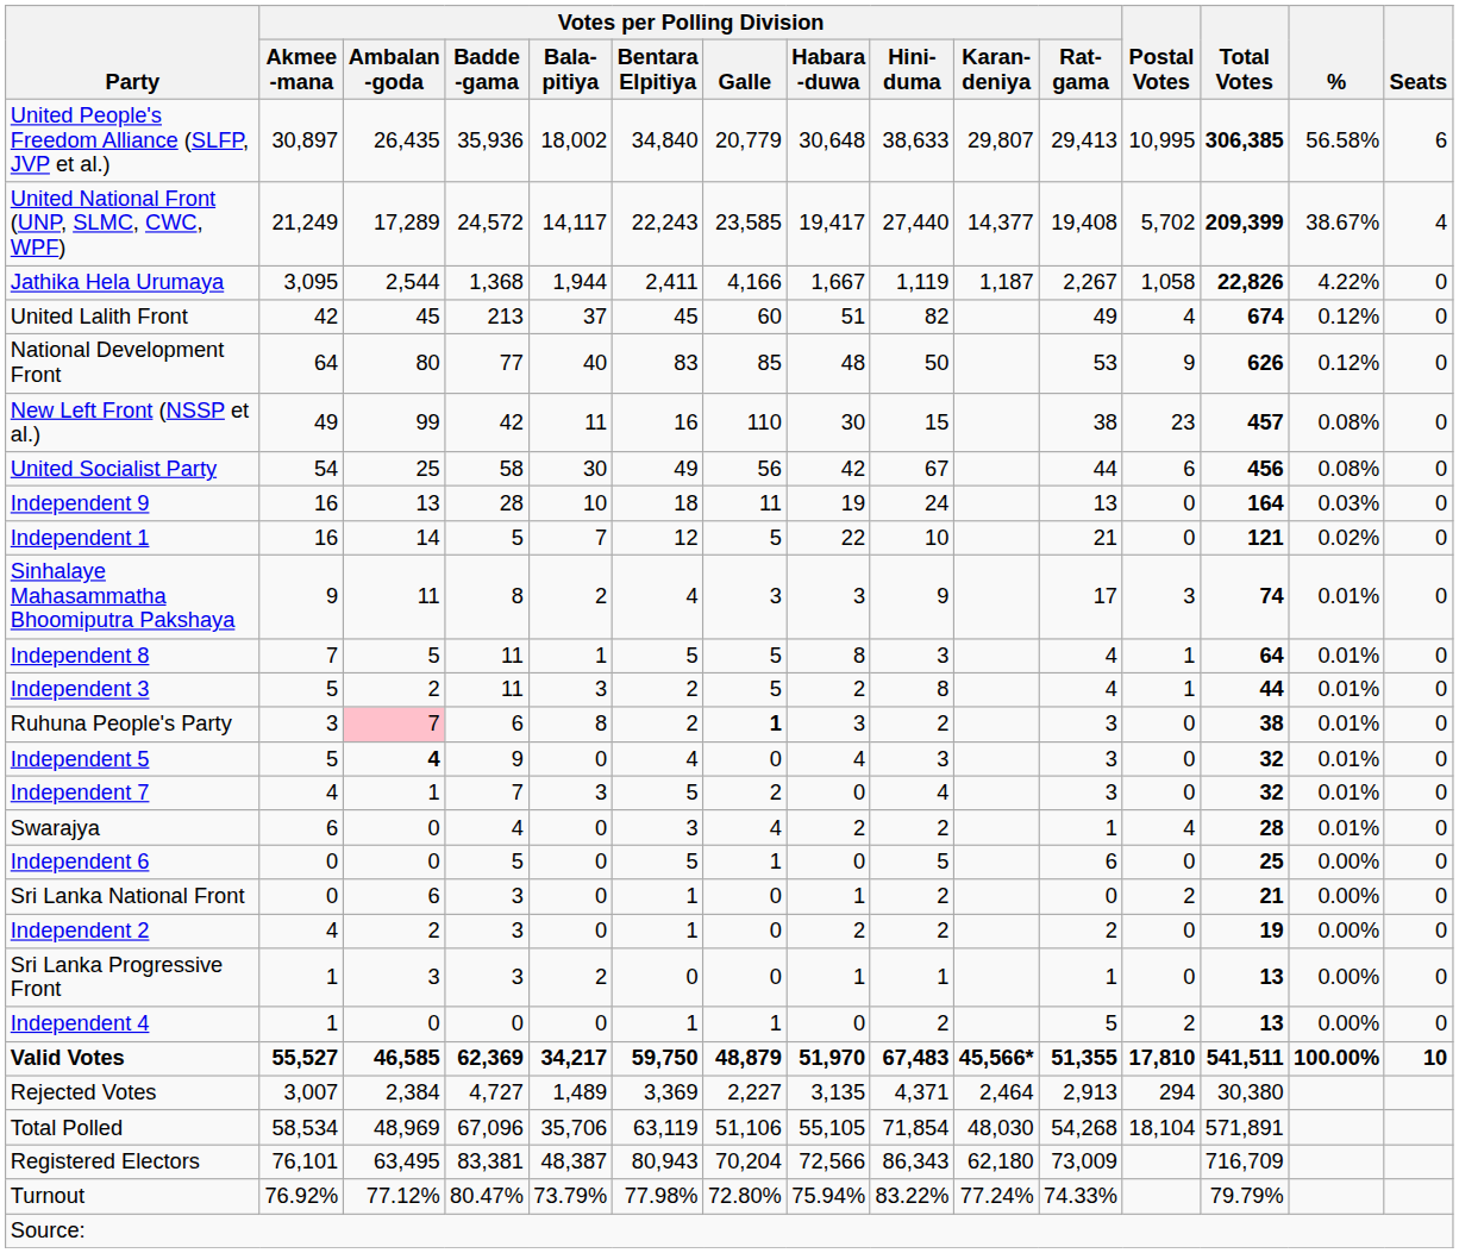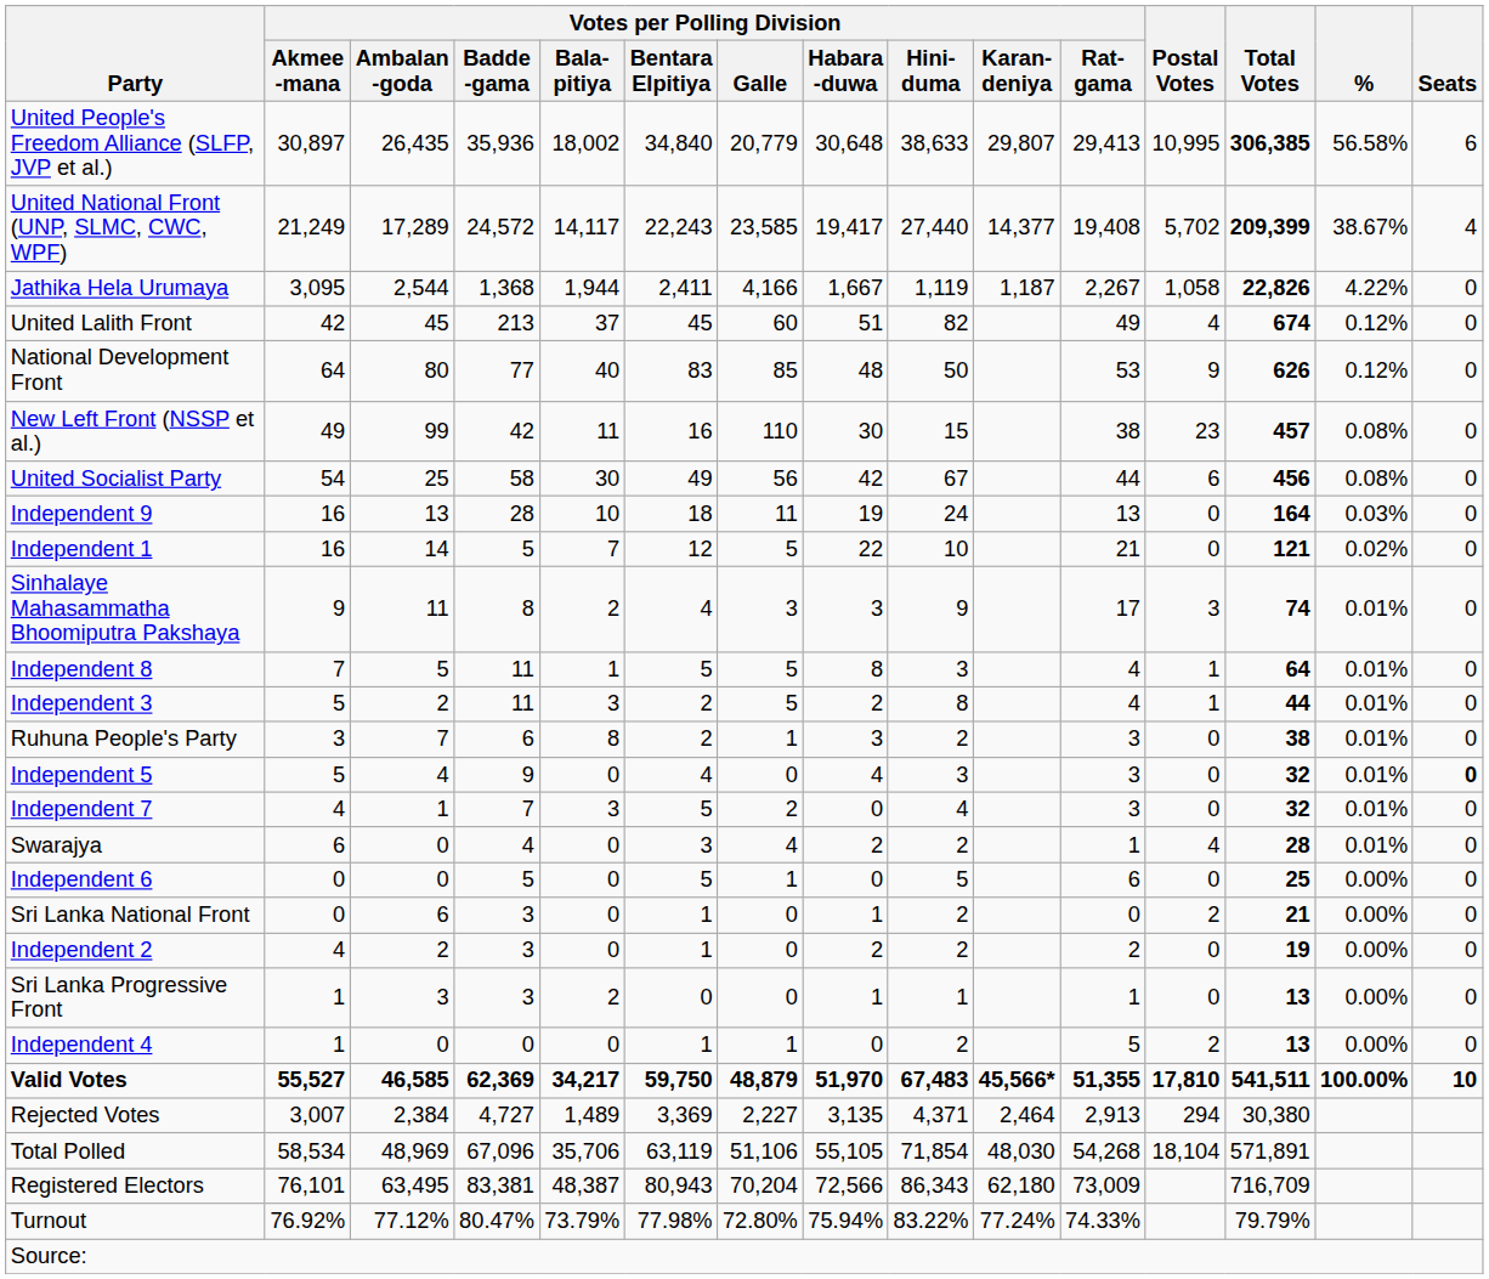 <table class="wikitable" border="1" style="text-align:right;">
 <tr>
 <th rowspan="2" align="left" valign="bottom" width="180">Party</th>
 <th colspan="10">Votes per Polling Division</th>
 <th rowspan="2" align="center" valign="bottom" width="50">Postal<br>Votes</th>
 <th rowspan="2" align="center" valign="bottom" width="50">Total Votes</th>
 <th rowspan="2" align="center" valign="bottom" width="50">%</th>
 <th rowspan="2" align="center" valign="bottom" width="40">Seats</th>
 </tr>
 <tr>
 <th align="center" valign="bottom" width="50">Akmee<br>-mana</th>
 <th align="center" valign="bottom" width="50">Ambalan<br>-goda</th>
 <th align="center" valign="bottom" width="50">Badde<br>-gama</th>
 <th align="center" valign="bottom" width="50">Bala-<br>pitiya</th>
 <th align="center" valign="bottom" width="50">Bentara<br>Elpitiya</th>
 <th align="center" valign="bottom" width="50">Galle</th>
 <th align="center" valign="bottom" width="50">Habara<br>-duwa</th>
 <th align="center" valign="bottom" width="50">Hini-<br>duma</th>
 <th align="center" valign="bottom" width="50">Karan-<br>deniya</th>
 <th align="center" valign="bottom" width="50">Rat-<br>gama</th>
 </tr>
 <tr>
 <td align="left"><a href='#'>United People's Freedom Alliance</a> (<a href='#'>SLFP</a>, <a href='#'>JVP</a> et al.)</td>
 <td>30,897</td>
 <td>26,435</td>
 <td>35,936</td>
 <td>18,002</td>
 <td>34,840</td>
 <td>20,779</td>
 <td>30,648</td>
 <td>38,633</td>
 <td>29,807</td>
 <td>29,413</td>
 <td>10,995</td>
 <td><strong>306,385</strong></td>
 <td>56.58%</td>
 <td>6</td>
 </tr>
 <tr>
 <td align="left"><a href='#'>United National Front</a><br>(<a href='#'>UNP</a>, <a href='#'>SLMC</a>, <a href='#'>CWC</a>, <a href='#'>WPF</a>)</td>
 <td>21,249</td>
 <td>17,289</td>
 <td>24,572</td>
 <td>14,117</td>
 <td>22,243</td>
 <td>23,585</td>
 <td>19,417</td>
 <td>27,440</td>
 <td>14,377</td>
 <td>19,408</td>
 <td>5,702</td>
 <td><strong>209,399</strong></td>
 <td>38.67%</td>
 <td>4</td>
 </tr>
 <tr>
 <td align="left"><a href='#'>Jathika Hela Urumaya</a></td>
 <td>3,095</td>
 <td>2,544</td>
 <td>1,368</td>
 <td>1,944</td>
 <td>2,411</td>
 <td>4,166</td>
 <td>1,667</td>
 <td>1,119</td>
 <td>1,187</td>
 <td>2,267</td>
 <td>1,058</td>
 <td><strong>22,826</strong></td>
 <td>4.22%</td>
 <td>0</td>
 </tr>
 <tr>
 <td align="left">United Lalith Front</td>
 <td>42</td>
 <td>45</td>
 <td>213</td>
 <td>37</td>
 <td>45</td>
 <td>60</td>
 <td>51</td>
 <td>82</td>
 <td></td>
 <td>49</td>
 <td>4</td>
 <td><strong>674</strong></td>
 <td>0.12%</td>
 <td>0</td>
 </tr>
 <tr>
 <td align="left">National Development Front</td>
 <td>64</td>
 <td>80</td>
 <td>77</td>
 <td>40</td>
 <td>83</td>
 <td>85</td>
 <td>48</td>
 <td>50</td>
 <td></td>
 <td>53</td>
 <td>9</td>
 <td><strong>626</strong></td>
 <td>0.12%</td>
 <td>0</td>
 </tr>
 <tr>
 <td align="left"><a href='#'>New Left Front</a> (<a href='#'>NSSP</a> et al.)</td>
 <td>49</td>
 <td>99</td>
 <td>42</td>
 <td>11</td>
 <td>16</td>
 <td>110</td>
 <td>30</td>
 <td>15</td>
 <td></td>
 <td>38</td>
 <td>23</td>
 <td><strong>457</strong></td>
 <td>0.08%</td>
 <td>0</td>
 </tr>
 <tr>
 <td align="left"><a href='#'>United Socialist Party</a></td>
 <td>54</td>
 <td>25</td>
 <td>58</td>
 <td>30</td>
 <td>49</td>
 <td>56</td>
 <td>42</td>
 <td>67</td>
 <td></td>
 <td>44</td>
 <td>6</td>
 <td><strong>456</strong></td>
 <td>0.08%</td>
 <td>0</td>
 </tr>
 <tr>
 <td align="left"><a href='#'>Independent 9</a></td>
 <td>16</td>
 <td>13</td>
 <td>28</td>
 <td>10</td>
 <td>18</td>
 <td>11</td>
 <td>19</td>
 <td>24</td>
 <td></td>
 <td>13</td>
 <td>0</td>
 <td><strong>164</strong></td>
 <td>0.03%</td>
 <td>0</td>
 </tr>
 <tr>
 <td align="left"><a href='#'>Independent 1</a></td>
 <td>16</td>
 <td>14</td>
 <td>5</td>
 <td>7</td>
 <td>12</td>
 <td>5</td>
 <td>22</td>
 <td>10</td>
 <td></td>
 <td>21</td>
 <td>0</td>
 <td><strong>121</strong></td>
 <td>0.02%</td>
 <td>0</td>
 </tr>
 <tr>
 <td align="left"><a href='#'>Sinhalaye Mahasammatha Bhoomiputra Pakshaya</a></td>
 <td>9</td>
 <td>11</td>
 <td>8</td>
 <td>2</td>
 <td>4</td>
 <td>3</td>
 <td>3</td>
 <td>9</td>
 <td></td>
 <td>17</td>
 <td>3</td>
 <td><strong>74</strong></td>
 <td>0.01%</td>
 <td>0</td>
 </tr>
 <tr>
 <td align="left"><a href='#'>Independent 8</a></td>
 <td>7</td>
 <td>5</td>
 <td>11</td>
 <td>1</td>
 <td>5</td>
 <td>5</td>
 <td>8</td>
 <td>3</td>
 <td></td>
 <td>4</td>
 <td>1</td>
 <td><strong>64</strong></td>
 <td>0.01%</td>
 <td>0</td>
 </tr>
 <tr>
 <td align="left"><a href='#'>Independent 3</a></td>
 <td>5</td>
 <td>2</td>
 <td>11</td>
 <td>3</td>
 <td>2</td>
 <td>5</td>
 <td>2</td>
 <td>8</td>
 <td></td>
 <td>4</td>
 <td>1</td>
 <td><strong>44</strong></td>
 <td>0.01%</td>
 <td>0</td>
 </tr>
 <tr>
 <td align="left">Ruhuna People's Party</td>
 <td>3</td>
-<td style="background: pink;">7</td>
+<td>7</td>
 <td>6</td>
 <td>8</td>
 <td>2</td>
-<td><strong>1</strong></td>
+<td>1</td>
 <td>3</td>
 <td>2</td>
 <td></td>
 <td>3</td>
 <td>0</td>
 <td><strong>38</strong></td>
 <td>0.01%</td>
 <td>0</td>
 </tr>
 <tr>
 <td align="left"><a href='#'>Independent 5</a></td>
 <td>5</td>
-<td><strong>4</strong></td>
+<td>4</td>
 <td>9</td>
 <td>0</td>
 <td>4</td>
 <td>0</td>
 <td>4</td>
 <td>3</td>
 <td></td>
 <td>3</td>
 <td>0</td>
 <td><strong>32</strong></td>
 <td>0.01%</td>
-<td>0</td>
+<td><strong>0</strong></td>
 </tr>
 <tr>
 <td align="left"><a href='#'>Independent 7</a></td>
 <td>4</td>
 <td>1</td>
 <td>7</td>
 <td>3</td>
 <td>5</td>
 <td>2</td>
 <td>0</td>
 <td>4</td>
 <td></td>
 <td>3</td>
 <td>0</td>
 <td><strong>32</strong></td>
 <td>0.01%</td>
 <td>0</td>
 </tr>
 <tr>
 <td align="left">Swarajya</td>
 <td>6</td>
 <td>0</td>
 <td>4</td>
 <td>0</td>
 <td>3</td>
 <td>4</td>
 <td>2</td>
 <td>2</td>
 <td></td>
 <td>1</td>
 <td>4</td>
 <td><strong>28</strong></td>
 <td>0.01%</td>
 <td>0</td>
 </tr>
 <tr>
 <td align="left"><a href='#'>Independent 6</a></td>
 <td>0</td>
 <td>0</td>
 <td>5</td>
 <td>0</td>
 <td>5</td>
 <td>1</td>
 <td>0</td>
 <td>5</td>
 <td></td>
 <td>6</td>
 <td>0</td>
 <td><strong>25</strong></td>
 <td>0.00%</td>
 <td>0</td>
 </tr>
 <tr>
 <td align="left">Sri Lanka National Front</td>
 <td>0</td>
 <td>6</td>
 <td>3</td>
 <td>0</td>
 <td>1</td>
 <td>0</td>
 <td>1</td>
 <td>2</td>
 <td></td>
 <td>0</td>
 <td>2</td>
 <td><strong>21</strong></td>
 <td>0.00%</td>
 <td>0</td>
 </tr>
 <tr>
 <td align="left"><a href='#'>Independent 2</a></td>
 <td>4</td>
 <td>2</td>
 <td>3</td>
 <td>0</td>
 <td>1</td>
 <td>0</td>
 <td>2</td>
 <td>2</td>
 <td></td>
 <td>2</td>
 <td>0</td>
 <td><strong>19</strong></td>
 <td>0.00%</td>
 <td>0</td>
 </tr>
 <tr>
 <td align="left">Sri Lanka Progressive Front</td>
 <td>1</td>
 <td>3</td>
 <td>3</td>
 <td>2</td>
 <td>0</td>
 <td>0</td>
 <td>1</td>
 <td>1</td>
 <td></td>
 <td>1</td>
 <td>0</td>
 <td><strong>13</strong></td>
 <td>0.00%</td>
 <td>0</td>
 </tr>
 <tr>
 <td align="left"><a href='#'>Independent 4</a></td>
 <td>1</td>
 <td>0</td>
 <td>0</td>
 <td>0</td>
 <td>1</td>
 <td>1</td>
 <td>0</td>
 <td>2</td>
 <td></td>
 <td>5</td>
 <td>2</td>
 <td><strong>13</strong></td>
 <td>0.00%</td>
 <td>0</td>
 </tr>
 <tr>
 <td align="left"><strong>Valid Votes</strong></td>
 <td><strong>55,527</strong></td>
 <td><strong>46,585</strong></td>
 <td><strong>62,369</strong></td>
 <td><strong>34,217</strong></td>
 <td><strong>59,750</strong></td>
 <td><strong>48,879</strong></td>
 <td><strong>51,970</strong></td>
 <td><strong>67,483</strong></td>
 <td><strong>45,566*</strong></td>
 <td><strong>51,355</strong></td>
 <td><strong>17,810</strong></td>
 <td><strong>541,511</strong></td>
 <td><strong>100.00%</strong></td>
 <td><strong>10</strong></td>
 </tr>
 <tr>
 <td align="left">Rejected Votes</td>
 <td>3,007</td>
 <td>2,384</td>
 <td>4,727</td>
 <td>1,489</td>
 <td>3,369</td>
 <td>2,227</td>
 <td>3,135</td>
 <td>4,371</td>
 <td>2,464</td>
 <td>2,913</td>
 <td>294</td>
 <td>30,380</td>
 <td></td>
 <td></td>
 </tr>
 <tr>
 <td align="left">Total Polled</td>
 <td>58,534</td>
 <td>48,969</td>
 <td>67,096</td>
 <td>35,706</td>
 <td>63,119</td>
 <td>51,106</td>
 <td>55,105</td>
 <td>71,854</td>
 <td>48,030</td>
 <td>54,268</td>
 <td>18,104</td>
 <td>571,891</td>
 <td></td>
 <td></td>
 </tr>
 <tr>
 <td align="left">Registered Electors</td>
 <td>76,101</td>
 <td>63,495</td>
 <td>83,381</td>
 <td>48,387</td>
 <td>80,943</td>
 <td>70,204</td>
 <td>72,566</td>
 <td>86,343</td>
 <td>62,180</td>
 <td>73,009</td>
 <td></td>
 <td>716,709</td>
 <td></td>
 <td></td>
 </tr>
 <tr>
 <td align="left">Turnout</td>
 <td>76.92%</td>
 <td>77.12%</td>
 <td>80.47%</td>
 <td>73.79%</td>
 <td>77.98%</td>
 <td>72.80%</td>
 <td>75.94%</td>
 <td>83.22%</td>
 <td>77.24%</td>
 <td>74.33%</td>
 <td></td>
 <td>79.79%</td>
 <td></td>
 <td></td>
 </tr>
 <tr>
 <td colspan="16" align="left">Source:</td>
 </tr>
 </table>
